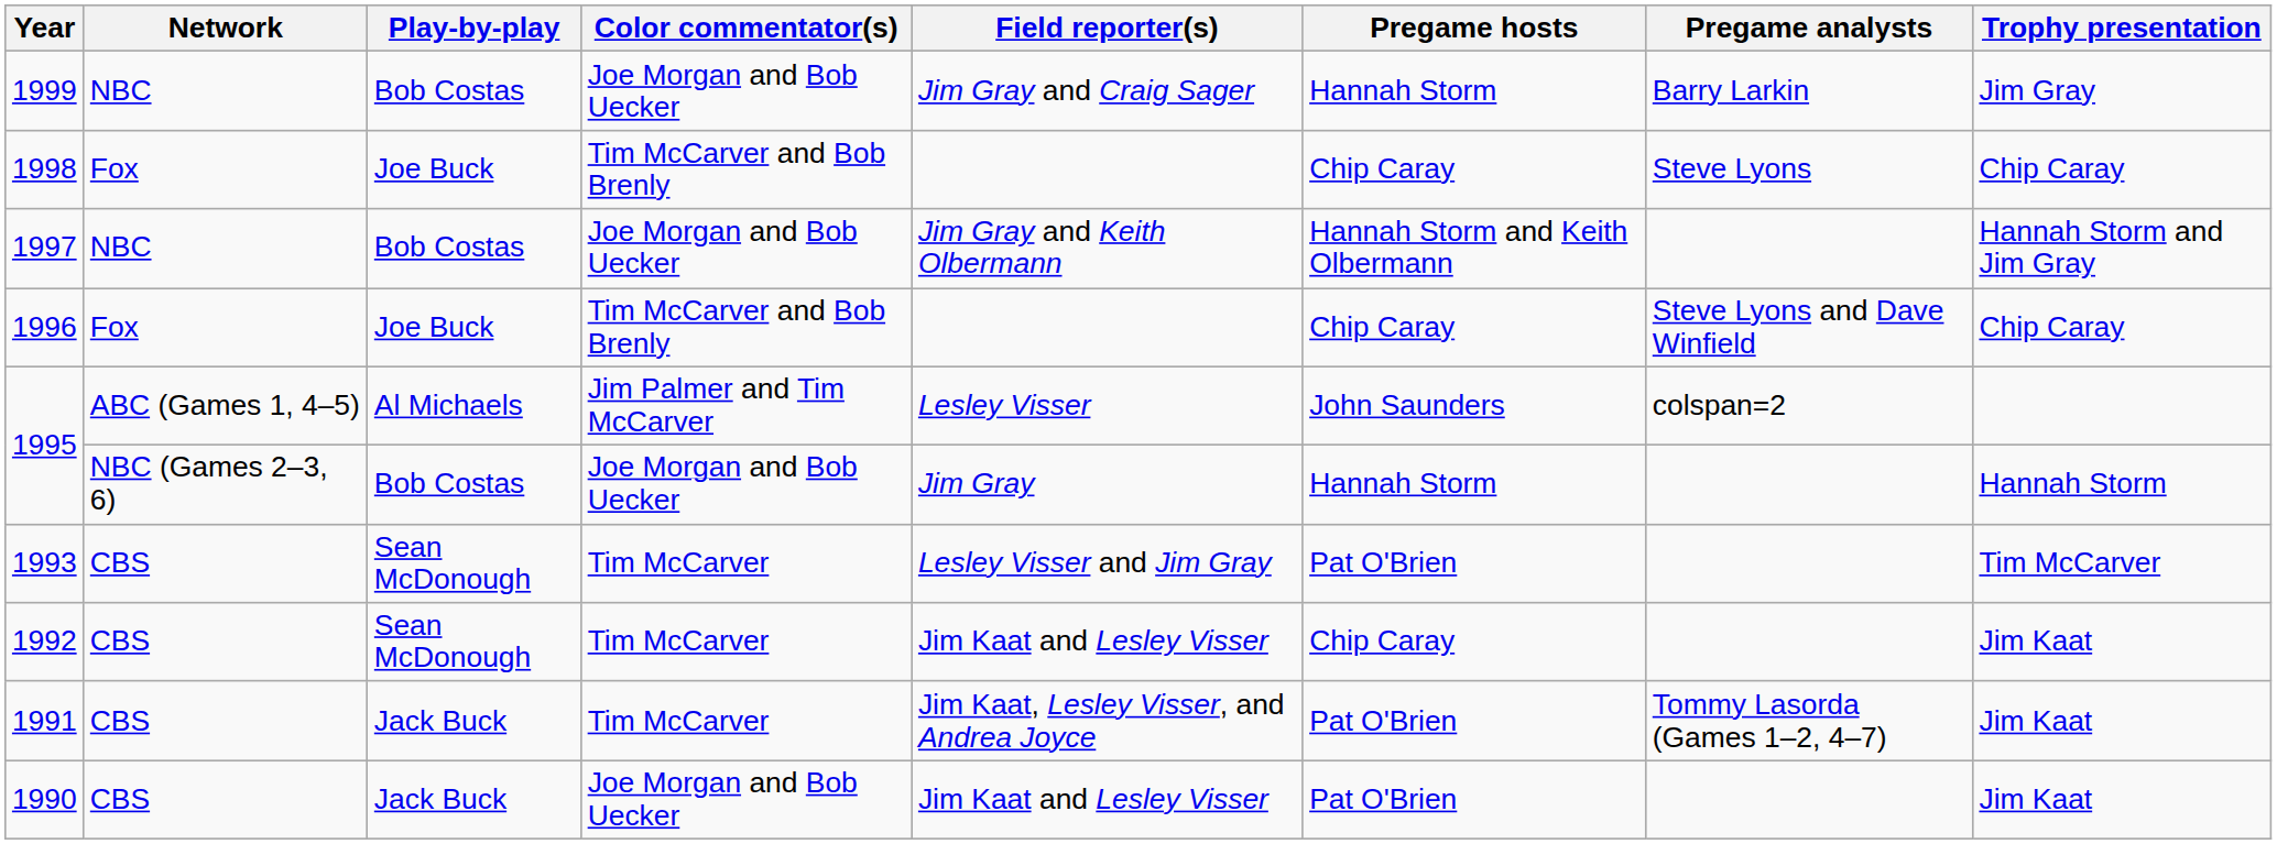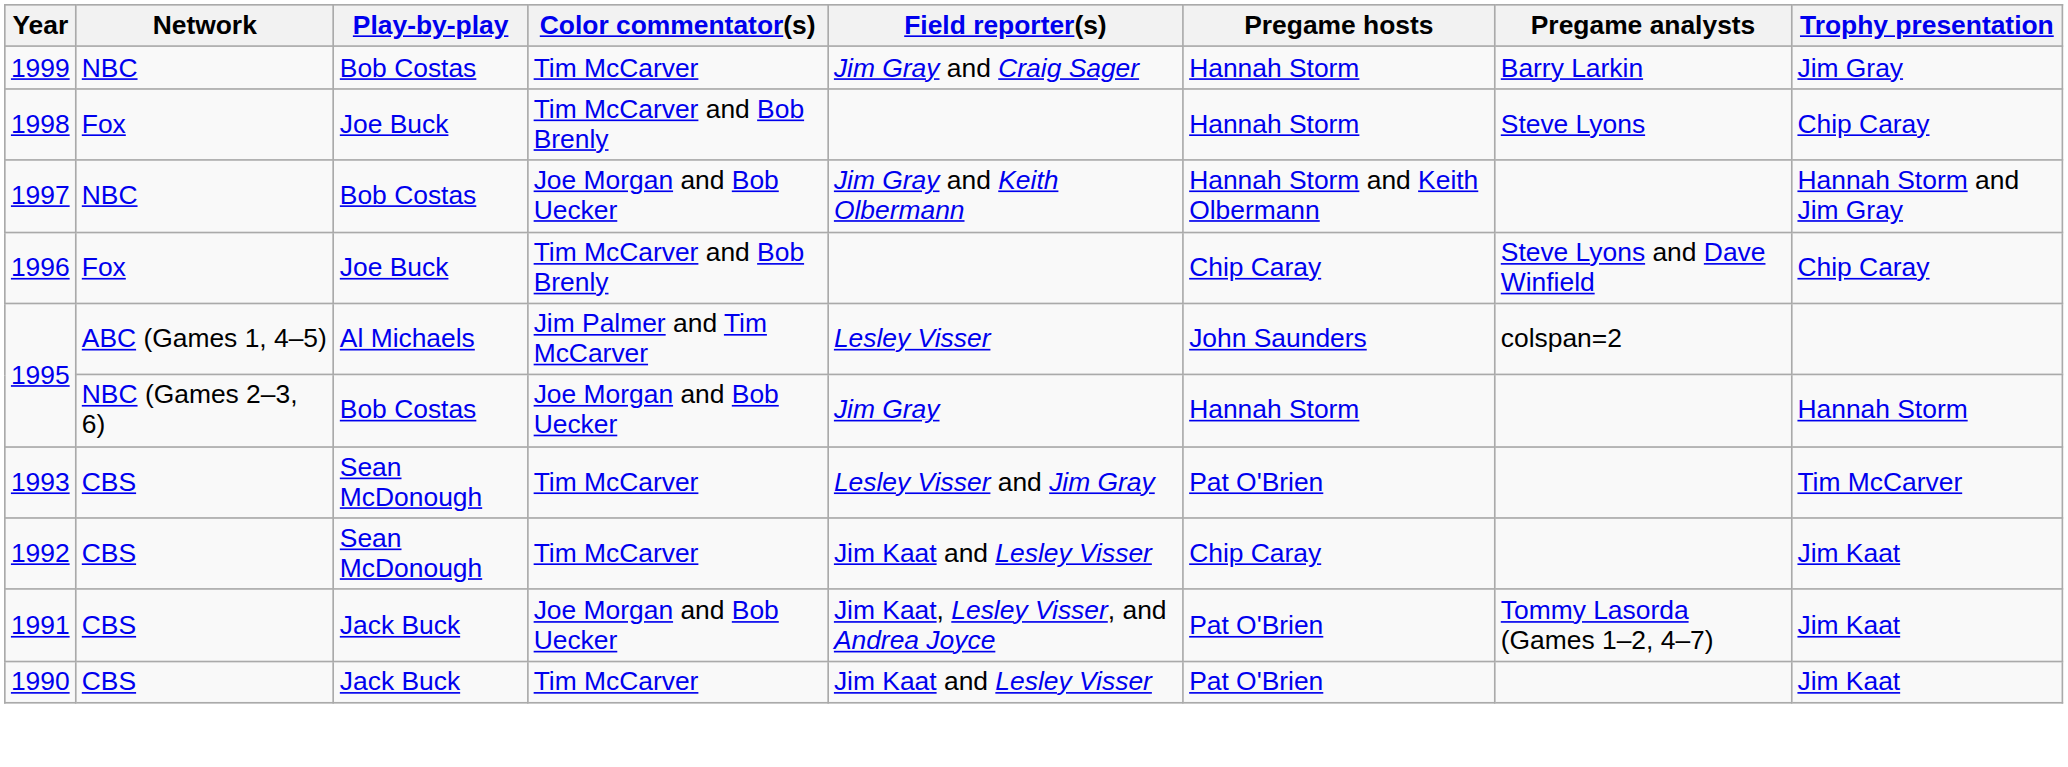 <table class="wikitable">
 <tr>
 <th>Year</th>
 <th>Network</th>
 <th><a href='#'>Play-by-play</a></th>
 <th><a href='#'>Color commentator</a>(s)</th>
 <th><a href='#'>Field reporter</a>(s)</th>
 <th>Pregame hosts</th>
 <th>Pregame analysts</th>
 <th><a href='#'>Trophy presentation</a></th>
 </tr>
 <tr>
 <td><a href='#'>1999</a></td>
 <td><a href='#'>NBC</a></td>
 <td><a href='#'>Bob Costas</a></td>
-<td><a href='#'>Joe Morgan</a> and <a href='#'>Bob Uecker</a></td>
+<td><a href='#'>Tim McCarver</a></td>
 <td><em><a href='#'>Jim Gray</a></em> and <em><a href='#'>Craig Sager</a></em></td>
 <td><a href='#'>Hannah Storm</a></td>
 <td><a href='#'>Barry Larkin</a></td>
 <td><a href='#'>Jim Gray</a></td>
 </tr>
 <tr>
 <td><a href='#'>1998</a></td>
 <td><a href='#'>Fox</a></td>
 <td><a href='#'>Joe Buck</a></td>
 <td><a href='#'>Tim McCarver</a> and <a href='#'>Bob Brenly</a></td>
 <td></td>
-<td><a href='#'>Chip Caray</a></td>
+<td><a href='#'>Hannah Storm</a></td>
 <td><a href='#'>Steve Lyons</a></td>
 <td><a href='#'>Chip Caray</a></td>
 </tr>
 <tr>
 <td><a href='#'>1997</a></td>
 <td><a href='#'>NBC</a></td>
 <td><a href='#'>Bob Costas</a></td>
 <td><a href='#'>Joe Morgan</a> and <a href='#'>Bob Uecker</a></td>
 <td><em><a href='#'>Jim Gray</a></em> and <em><a href='#'>Keith Olbermann</a></em></td>
 <td><a href='#'>Hannah Storm</a> and <a href='#'>Keith Olbermann</a></td>
 <td></td>
 <td><a href='#'>Hannah Storm</a> and <a href='#'>Jim Gray</a></td>
 </tr>
 <tr>
 <td><a href='#'>1996</a></td>
 <td><a href='#'>Fox</a></td>
 <td><a href='#'>Joe Buck</a></td>
 <td><a href='#'>Tim McCarver</a> and <a href='#'>Bob Brenly</a></td>
 <td></td>
 <td><a href='#'>Chip Caray</a></td>
 <td><a href='#'>Steve Lyons</a> and <a href='#'>Dave Winfield</a></td>
 <td><a href='#'>Chip Caray</a></td>
 </tr>
 <tr>
 <td rowspan="2" nowrap=""><a href='#'>1995</a></td>
 <td nowrap><a href='#'>ABC</a> (Games 1, 4–5)</td>
 <td><a href='#'>Al Michaels</a></td>
 <td><a href='#'>Jim Palmer</a> and <a href='#'>Tim McCarver</a></td>
 <td><em><a href='#'>Lesley Visser</a></em></td>
 <td><a href='#'>John Saunders</a></td>
 <td>colspan=2 </td>
 </tr>
 <tr>
 <td><a href='#'>NBC</a> (Games 2–3, 6)</td>
 <td><a href='#'>Bob Costas</a></td>
 <td><a href='#'>Joe Morgan</a> and <a href='#'>Bob Uecker</a></td>
 <td><em><a href='#'>Jim Gray</a></em></td>
 <td><a href='#'>Hannah Storm</a></td>
 <td></td>
 <td><a href='#'>Hannah Storm</a></td>
 </tr>
 <tr>
 <td><a href='#'>1993</a></td>
 <td><a href='#'>CBS</a></td>
 <td><a href='#'>Sean McDonough</a></td>
 <td><a href='#'>Tim McCarver</a></td>
 <td><em><a href='#'>Lesley Visser</a></em> and <em><a href='#'>Jim Gray</a></em></td>
 <td><a href='#'>Pat O'Brien</a></td>
 <td></td>
 <td><a href='#'>Tim McCarver</a></td>
 </tr>
 <tr>
 <td><a href='#'>1992</a></td>
 <td><a href='#'>CBS</a></td>
 <td><a href='#'>Sean McDonough</a></td>
 <td><a href='#'>Tim McCarver</a></td>
 <td><a href='#'>Jim Kaat</a> and <em><a href='#'>Lesley Visser</a></em></td>
 <td><a href='#'>Chip Caray</a></td>
 <td></td>
 <td><a href='#'>Jim Kaat</a></td>
 </tr>
 <tr>
 <td><a href='#'>1991</a></td>
 <td><a href='#'>CBS</a></td>
 <td><a href='#'>Jack Buck</a></td>
-<td><a href='#'>Tim McCarver</a></td>
+<td><a href='#'>Joe Morgan</a> and <a href='#'>Bob Uecker</a></td>
 <td><a href='#'>Jim Kaat</a>, <em><a href='#'>Lesley Visser</a></em>, and <em><a href='#'>Andrea Joyce</a></em></td>
 <td><a href='#'>Pat O'Brien</a></td>
 <td><a href='#'>Tommy Lasorda</a> (Games 1–2, 4–7)</td>
 <td><a href='#'>Jim Kaat</a></td>
 </tr>
 <tr>
 <td><a href='#'>1990</a></td>
 <td><a href='#'>CBS</a></td>
 <td><a href='#'>Jack Buck</a></td>
-<td><a href='#'>Joe Morgan</a> and <a href='#'>Bob Uecker</a></td>
+<td><a href='#'>Tim McCarver</a></td>
 <td><a href='#'>Jim Kaat</a> and <em><a href='#'>Lesley Visser</a></em></td>
 <td><a href='#'>Pat O'Brien</a></td>
 <td></td>
 <td><a href='#'>Jim Kaat</a></td>
 </tr>
 </table>
